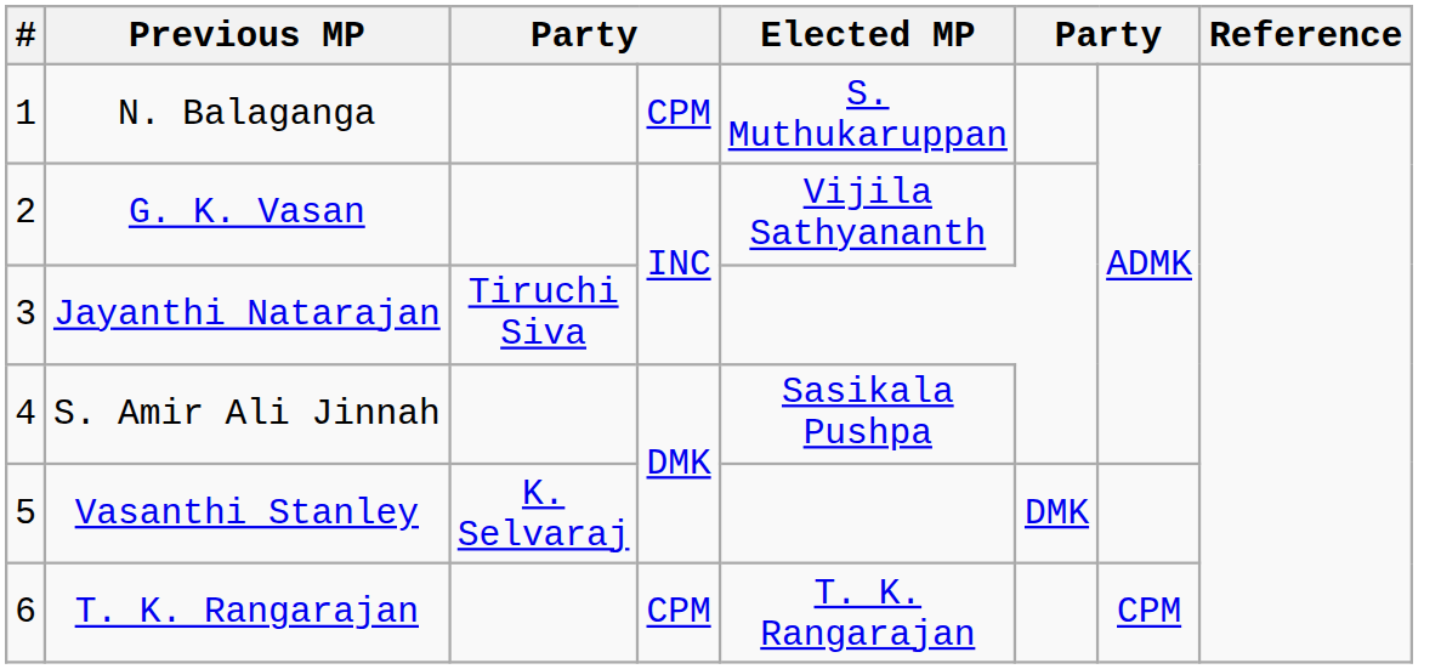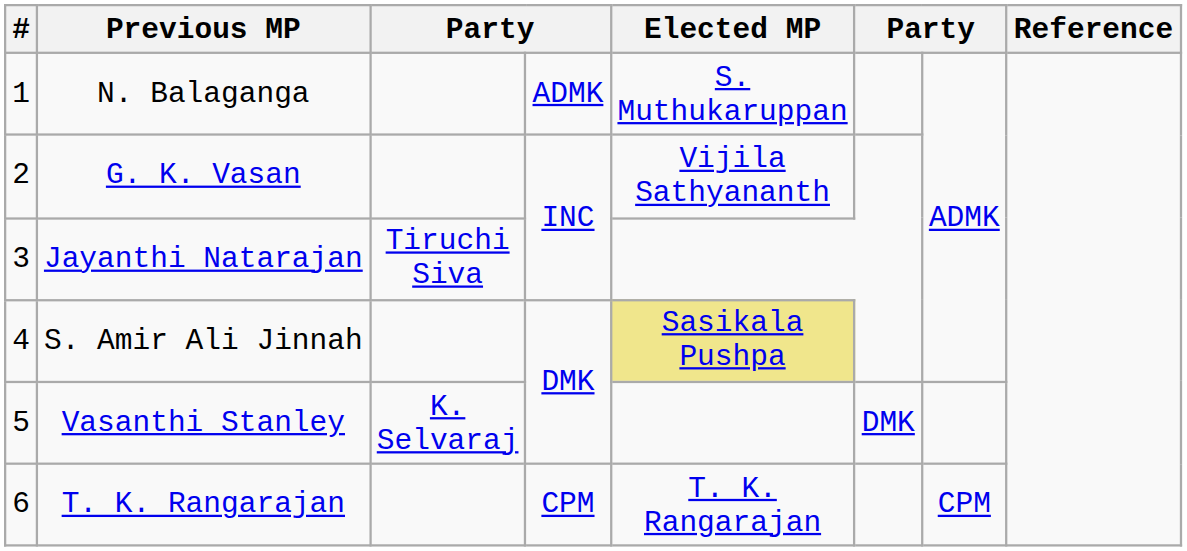 <table class="wikitable">
 <tr>
 <th>#</th>
 <th>Previous MP</th>
 <th colspan=2>Party</th>
 <th>Elected MP</th>
 <th colspan=2>Party</th>
 <th>Reference</th>
 </tr>
 <tr style="text-align:center;">
 <td>1</td>
 <td>N. Balaganga</td>
 <td></td>
-<td rowspan=1><a href='#'>CPM</a></td>
+<td><a href='#'>ADMK</a></td>
 <td><a href='#'>S. Muthukaruppan</a></td>
 <td></td>
 <td rowspan=4><a href='#'>ADMK</a></td>
 <td rowspan=6></td>
 </tr>
 <tr style="text-align:center;">
 <td>2</td>
 <td><a href='#'>G. K. Vasan</a></td>
 <td width="1px"></td>
 <td rowspan=2><a href='#'>INC</a></td>
 <td><a href='#'>Vijila Sathyananth</a></td>
 </tr>
 <tr style="text-align:center;">
 <td>3</td>
 <td><a href='#'>Jayanthi Natarajan</a></td>
 <td><a href='#'>Tiruchi Siva</a></td>
 </tr>
 <tr style="text-align:center;">
 <td>4</td>
 <td>S. Amir Ali Jinnah</td>
 <td width="1px"></td>
 <td rowspan=2><a href='#'>DMK</a></td>
-<td><a href='#'>Sasikala Pushpa</a></td>
+<td style="background: khaki;"><a href='#'>Sasikala Pushpa</a></td>
 </tr>
 <tr style="text-align:center;">
 <td>5</td>
 <td><a href='#'>Vasanthi Stanley</a></td>
 <td><a href='#'>K. Selvaraj</a></td>
 <td width="1px"></td>
 <td rowspan=1><a href='#'>DMK</a></td>
 </tr>
 <tr style="text-align:center;">
 <td>6</td>
 <td><a href='#'>T. K. Rangarajan</a></td>
 <td width="1px"></td>
 <td rowspan=1><a href='#'>CPM</a></td>
 <td><a href='#'>T. K. Rangarajan</a></td>
 <td width="1px"></td>
 <td rowspan=1><a href='#'>CPM</a></td>
 </tr>
 </table>
